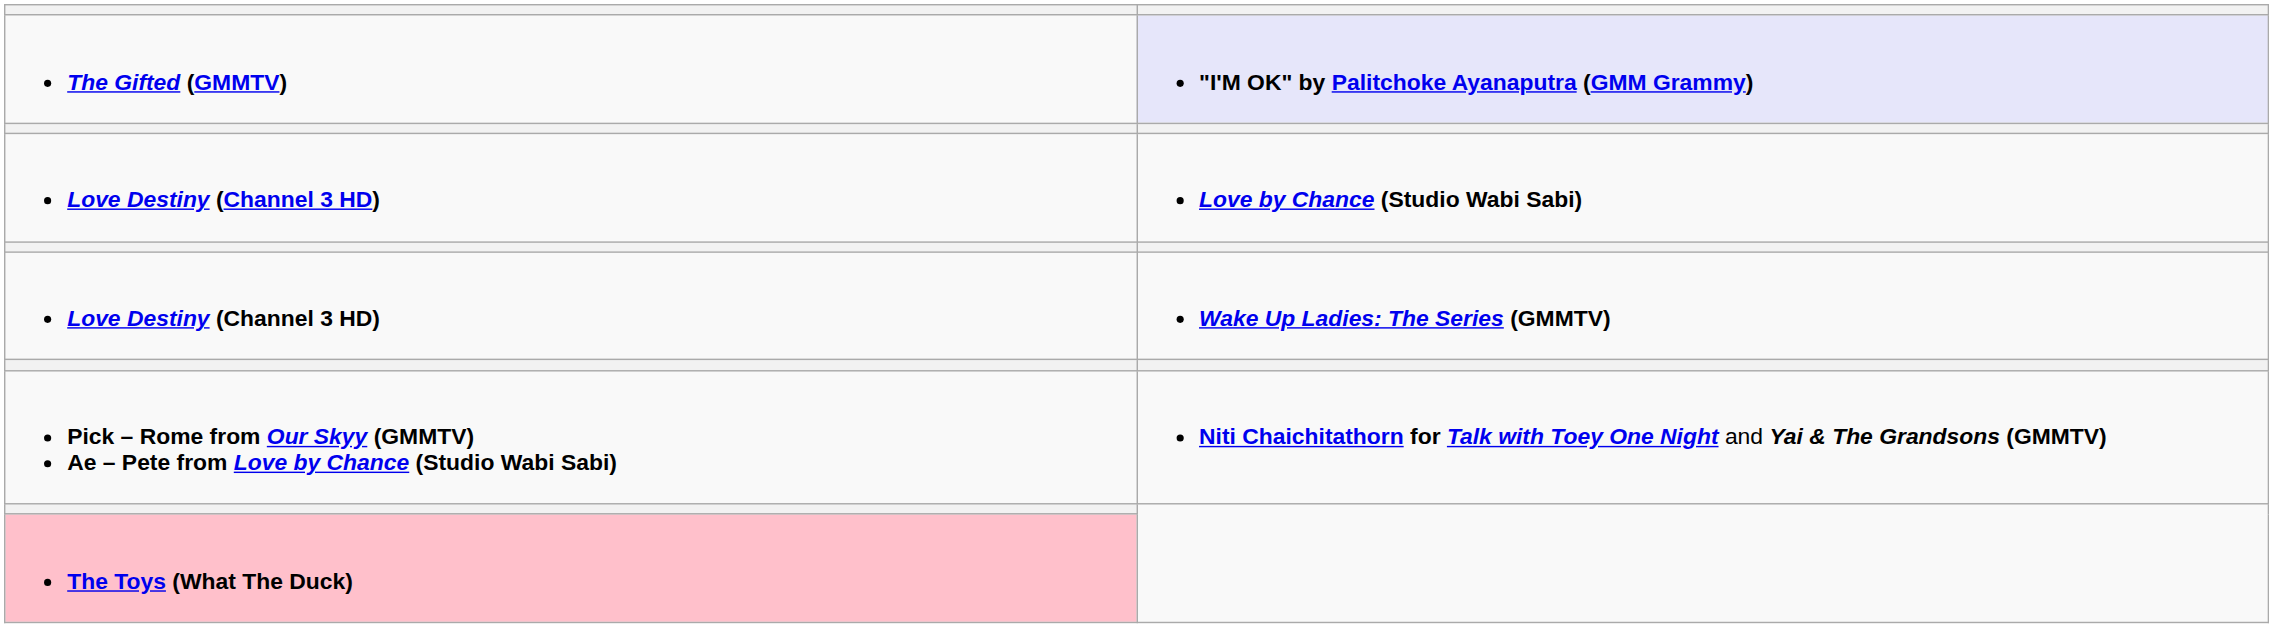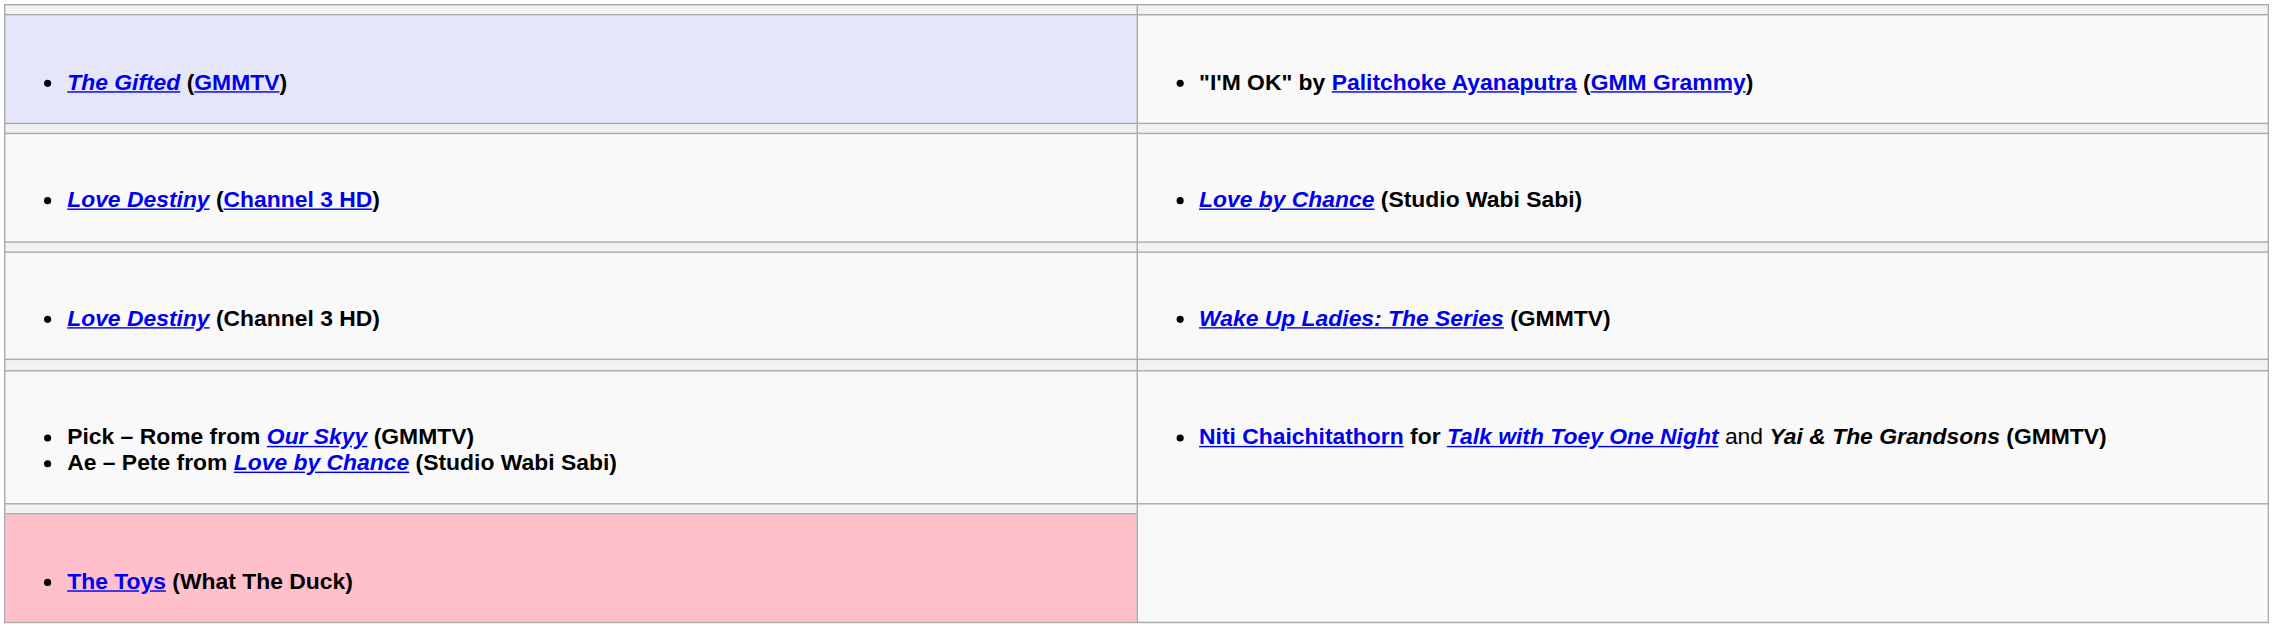 <table class=wikitable width="100%">
 <tr>
 <th></th>
 <th></th>
 </tr>
 <tr>
-<td valign="top" width="50%"><br><ul><li><strong><em><a href='#'>The Gifted</a></em></strong> <strong>(<a href='#'>GMMTV</a>)</strong></li></ul></td>
-<td valign="top" width="50%" style="background: lavender;"><br><ul><li><strong>"I'M OK" by <a href='#'>Palitchoke Ayanaputra</a> (<a href='#'>GMM Grammy</a>)</strong></li></ul></td>
+<td valign="top" width="50%" style="background: lavender;"><br><ul><li><strong><em><a href='#'>The Gifted</a></em></strong> <strong>(<a href='#'>GMMTV</a>)</strong></li></ul></td>
+<td valign="top" width="50%"><br><ul><li><strong>"I'M OK" by <a href='#'>Palitchoke Ayanaputra</a> (<a href='#'>GMM Grammy</a>)</strong></li></ul></td>
 </tr>
 <tr>
 <th></th>
 <th></th>
 </tr>
 <tr>
 <td valign="top" width="50%"><br><ul><li><strong><em><a href='#'>Love Destiny</a></em></strong> <strong>(<a href='#'>Channel 3 HD</a>)</strong></li></ul></td>
 <td valign="top" width="50%"><br><ul><li><strong><em><a href='#'>Love by Chance</a></em></strong> <strong>(Studio Wabi Sabi)</strong></li></ul></td>
 </tr>
 <tr>
 <th></th>
 <th></th>
 </tr>
 <tr>
 <td valign="top" width="50%"><br><ul><li><strong><em><a href='#'>Love Destiny</a></em></strong> <strong>(Channel 3 HD)</strong></li></ul></td>
 <td valign="top" width="50%"><br><ul><li><strong><em><a href='#'>Wake Up Ladies: The Series</a></em></strong> <strong>(GMMTV)</strong></li></ul></td>
 </tr>
 <tr>
 <th></th>
 <th></th>
 </tr>
 <tr>
 <td valign="top" width="50%"><br><ul><li><strong>Pick – Rome from</strong> <strong><em><a href='#'>Our Skyy</a></em></strong> <strong>(GMMTV)</strong></li><li><strong>Ae – Pete from</strong> <strong><em><a href='#'>Love by Chance</a></em></strong> <strong>(Studio Wabi Sabi)</strong></li></ul></td>
 <td valign="top" width="50%"><br><ul><li><strong><a href='#'>Niti Chaichitathorn</a> for</strong> <strong><em><a href='#'>Talk with Toey One Night</a></em></strong> and <strong><em>Yai & The Grandsons</em></strong> <strong>(GMMTV)</strong></li></ul></td>
 </tr>
 <tr>
 <th></th>
 </tr>
 <tr>
 <td valign="top" width="50%" style="background: pink;"><br><ul><li><strong><a href='#'>The Toys</a> (What The Duck)</strong></li></ul></td>
 </tr>
 </table>
